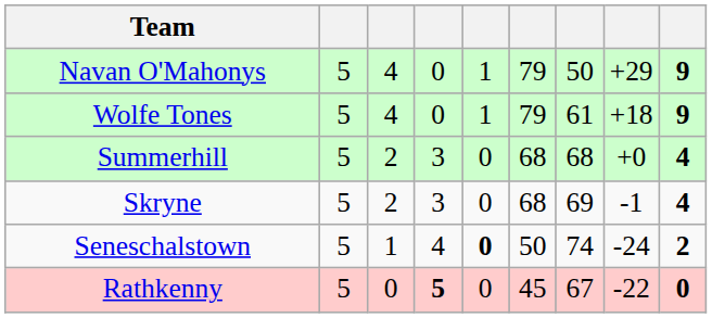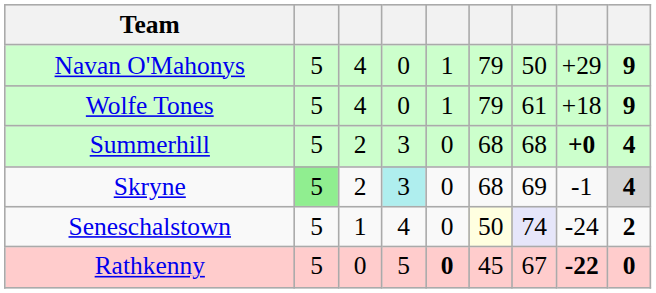 <table class="wikitable" style="text-align:center">
 <tr>
 <th width="175">Team</th>
 <th width="20"></th>
 <th width="20"></th>
 <th width="20"></th>
 <th width="20"></th>
 <th width="20"></th>
 <th width="20"></th>
 <th width="20"></th>
 <th width="20"></th>
 </tr>
 <tr style="background:#cfc;">
 <td><a href='#'>Navan O'Mahonys</a></td>
 <td>5</td>
 <td>4</td>
 <td>0</td>
 <td>1</td>
 <td>79</td>
 <td>50</td>
 <td>+29</td>
 <td><strong>9</strong></td>
 </tr>
 <tr style="background:#cfc;">
 <td><a href='#'>Wolfe Tones</a></td>
 <td>5</td>
 <td>4</td>
 <td>0</td>
 <td>1</td>
 <td>79</td>
 <td>61</td>
 <td>+18</td>
 <td><strong>9</strong></td>
 </tr>
 <tr style="background:#cfc;">
 <td><a href='#'>Summerhill</a></td>
 <td>5</td>
 <td>2</td>
 <td>3</td>
 <td>0</td>
 <td>68</td>
 <td>68</td>
-<td>+0</td>
+<td><strong>+0</strong></td>
 <td><strong>4</strong></td>
 </tr>
 <tr>
 <td><a href='#'>Skryne</a></td>
-<td>5</td>
+<td style="background: lightgreen;">5</td>
 <td>2</td>
-<td>3</td>
+<td style="background: paleturquoise;">3</td>
 <td>0</td>
 <td>68</td>
 <td>69</td>
 <td>-1</td>
-<td><strong>4</strong></td>
+<td style="background: lightgrey;"><strong>4</strong></td>
 </tr>
 <tr>
 <td><a href='#'>Seneschalstown</a></td>
 <td>5</td>
 <td>1</td>
 <td>4</td>
-<td><strong>0</strong></td>
-<td>50</td>
-<td>74</td>
+<td>0</td>
+<td style="background: lightyellow;">50</td>
+<td style="background: lavender;">74</td>
 <td>-24</td>
 <td><strong>2</strong></td>
 </tr>
 <tr style="background:#fcc;">
 <td><a href='#'>Rathkenny</a></td>
 <td>5</td>
 <td>0</td>
-<td><strong>5</strong></td>
-<td>0</td>
+<td>5</td>
+<td><strong>0</strong></td>
 <td>45</td>
 <td>67</td>
-<td>-22</td>
+<td><strong>-22</strong></td>
 <td><strong>0</strong></td>
 </tr>
 </table>
